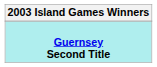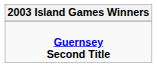 <table class="wikitable" style="text-align: center; margin: 0 auto;">
 <tr>
 <th>2003 Island Games Winners</th>
 </tr>
 <tr>
 </tr>
 <tr>
-<td style="background: paleturquoise;"><br><strong><a href='#'>Guernsey</a></strong><br><strong>Second Title</strong></td>
+<td><br><strong><a href='#'>Guernsey</a></strong><br><strong>Second Title</strong></td>
 </tr>
 </table>
